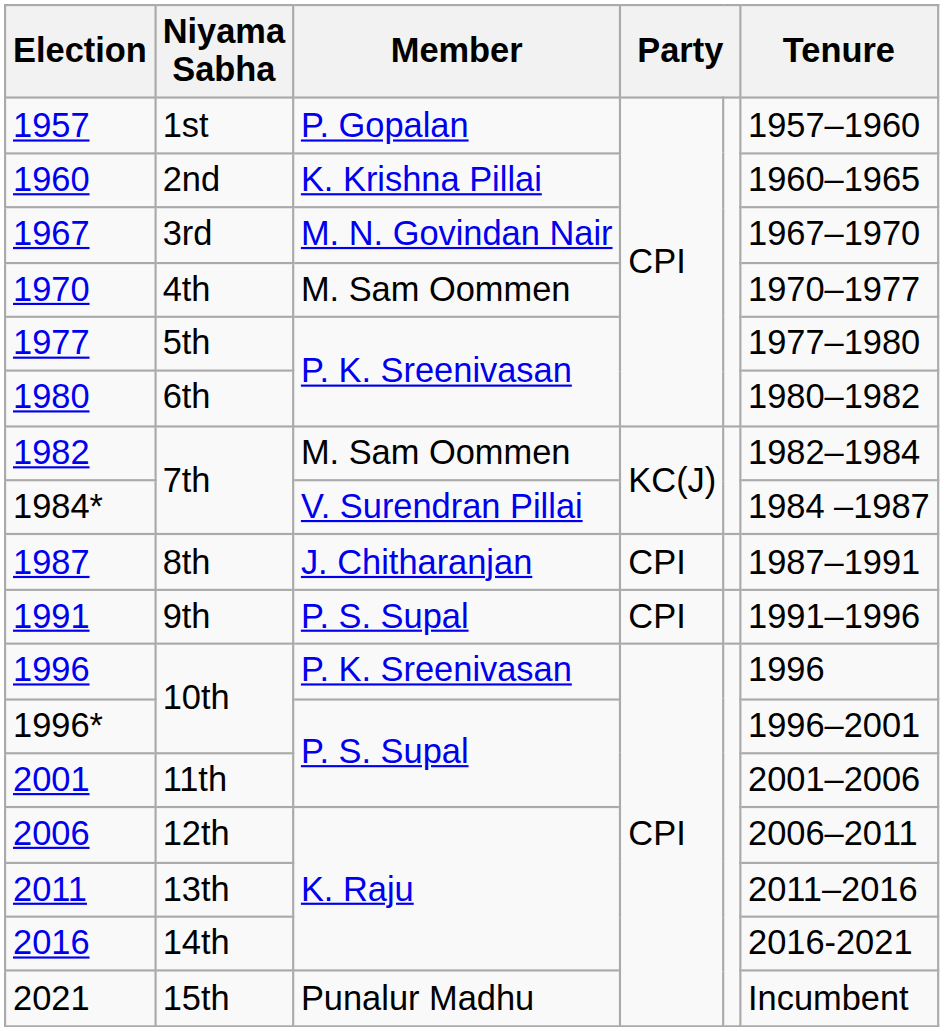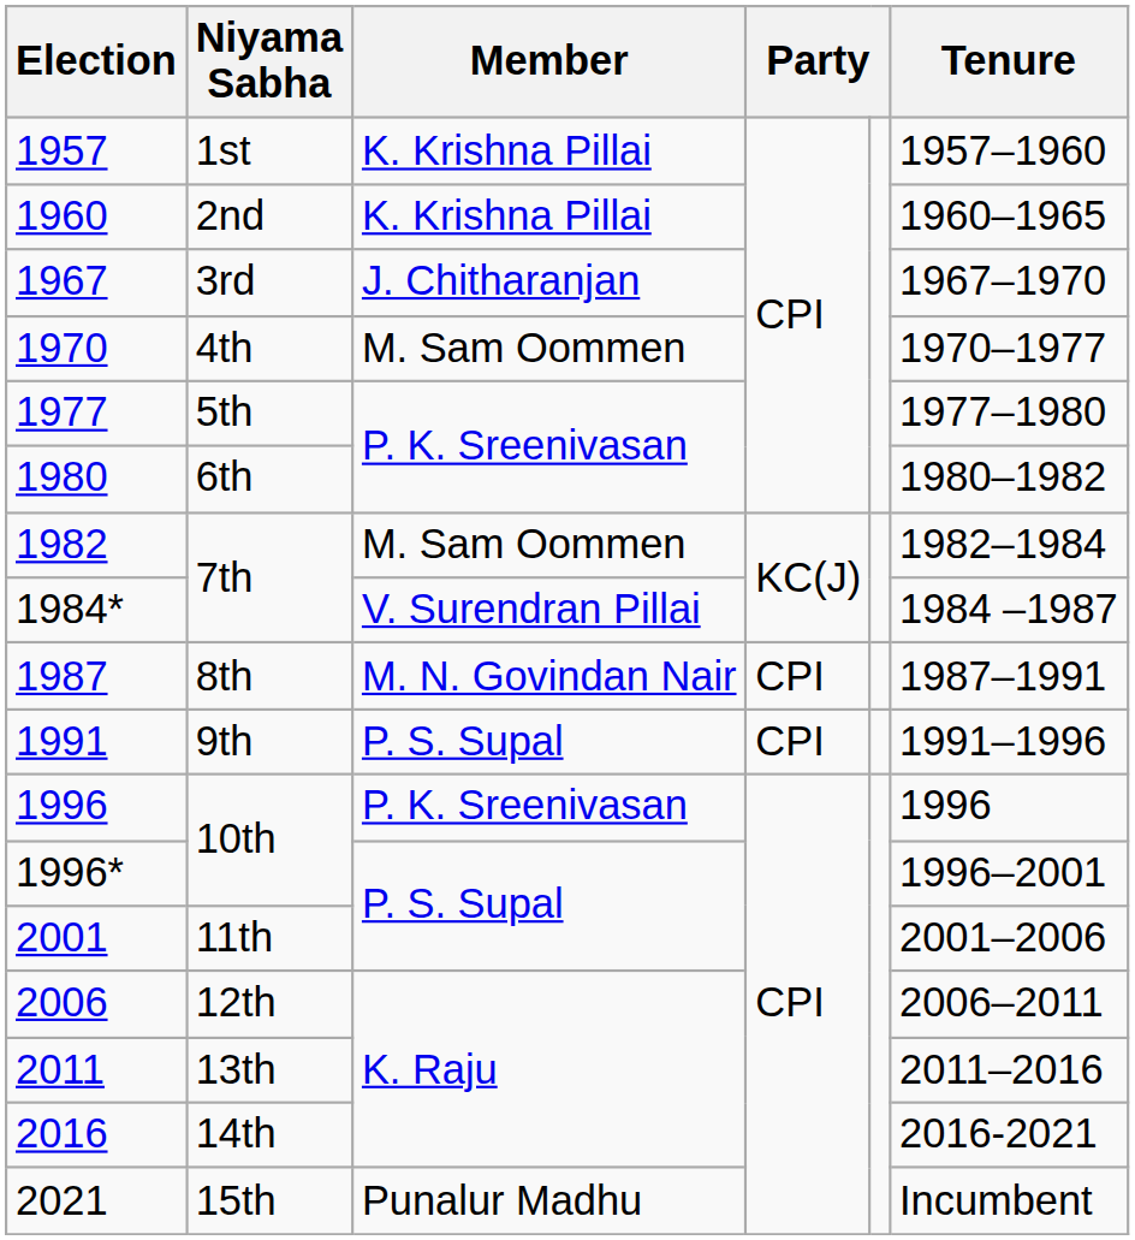 <table class="wikitable sortable">
 <tr>
 <th>Election</th>
 <th>Niyama<br>Sabha</th>
 <th>Member</th>
 <th colspan="2">Party</th>
 <th>Tenure</th>
 </tr>
 <tr>
 <td><a href='#'>1957</a></td>
 <td>1st</td>
-<td><a href='#'>P. Gopalan</a></td>
+<td><a href='#'>K. Krishna Pillai</a></td>
 <td rowspan="6">CPI</td>
 <td rowspan="6" style="background-color: "></td>
 <td>1957–1960</td>
 </tr>
 <tr>
 <td><a href='#'>1960</a></td>
 <td>2nd</td>
 <td><a href='#'>K. Krishna Pillai</a></td>
 <td>1960–1965</td>
 </tr>
 <tr>
 <td><a href='#'>1967</a></td>
 <td>3rd</td>
-<td><a href='#'>M. N. Govindan Nair</a></td>
+<td><a href='#'>J. Chitharanjan</a></td>
 <td>1967–1970</td>
 </tr>
 <tr>
 <td><a href='#'>1970</a></td>
 <td>4th</td>
 <td>M. Sam Oommen</td>
 <td>1970–1977</td>
 </tr>
 <tr>
 <td><a href='#'>1977</a></td>
 <td>5th</td>
 <td rowspan="2"><a href='#'>P. K. Sreenivasan</a></td>
 <td>1977–1980</td>
 </tr>
 <tr>
 <td><a href='#'>1980</a></td>
 <td>6th</td>
 <td>1980–1982</td>
 </tr>
 <tr>
 <td><a href='#'>1982</a></td>
 <td rowspan="2">7th</td>
 <td>M. Sam Oommen</td>
 <td rowspan="2">KC(J)</td>
 <td rowspan="2" style="background-color: "></td>
 <td>1982–1984</td>
 </tr>
 <tr>
 <td>1984*</td>
 <td><a href='#'>V. Surendran Pillai</a></td>
 <td>1984 –1987</td>
 </tr>
 <tr>
 <td><a href='#'>1987</a></td>
 <td>8th</td>
-<td><a href='#'>J. Chitharanjan</a></td>
+<td><a href='#'>M. N. Govindan Nair</a></td>
 <td>CPI</td>
 <td style="background-color: "></td>
 <td>1987–1991</td>
 </tr>
 <tr>
 <td><a href='#'>1991</a></td>
 <td>9th</td>
 <td><a href='#'>P. S. Supal</a></td>
 <td>CPI</td>
 <td style="background-color: "></td>
 <td>1991–1996</td>
 </tr>
 <tr>
 <td><a href='#'>1996</a></td>
 <td rowspan="2">10th</td>
 <td><a href='#'>P. K. Sreenivasan</a></td>
 <td rowspan="7">CPI</td>
 <td rowspan="7" style="background-color: "></td>
 <td>1996</td>
 </tr>
 <tr>
 <td>1996*</td>
 <td rowspan="2"><a href='#'>P. S. Supal</a></td>
 <td>1996–2001</td>
 </tr>
 <tr>
 <td><a href='#'>2001</a></td>
 <td>11th</td>
 <td>2001–2006</td>
 </tr>
 <tr>
 <td><a href='#'>2006</a></td>
 <td>12th</td>
 <td rowspan="3"><a href='#'>K. Raju</a></td>
 <td>2006–2011</td>
 </tr>
 <tr>
 <td><a href='#'>2011</a></td>
 <td>13th</td>
 <td>2011–2016</td>
 </tr>
 <tr>
 <td><a href='#'>2016</a></td>
 <td>14th</td>
 <td>2016-2021</td>
 </tr>
 <tr>
 <td>2021</td>
 <td>15th</td>
 <td>Punalur Madhu</td>
 <td>Incumbent</td>
 </tr>
 </table>
